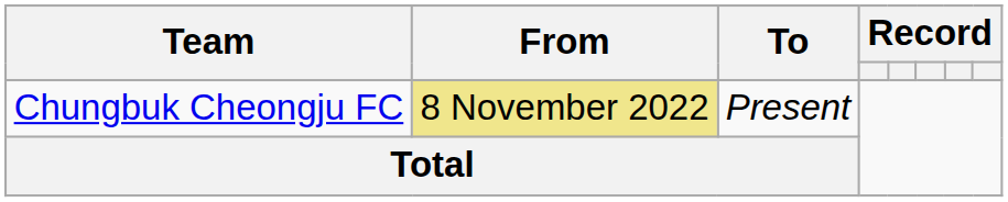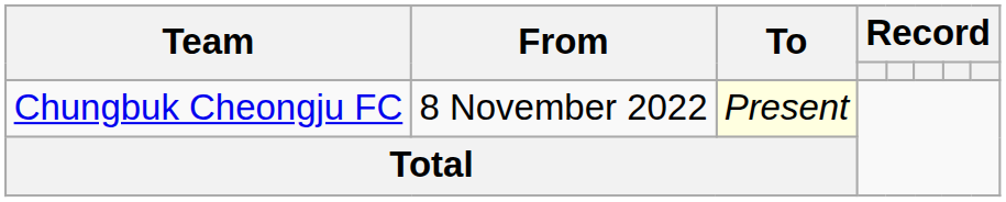 <table class="wikitable" style="text-align:centre">
 <tr>
 <th rowspan=2>Team</th>
 <th rowspan=2>From</th>
 <th rowspan=2>To</th>
 <th colspan=7>Record</th>
 </tr>
 <tr>
 <th></th>
 <th></th>
 <th></th>
 <th></th>
 <th></th>
 </tr>
 <tr>
 <td align=left><a href='#'>Chungbuk Cheongju FC</a></td>
-<td align=left style="background: khaki;">8 November 2022</td>
-<td align=left><em>Present</em><br></td>
+<td align=left>8 November 2022</td>
+<td align=left style="background: lightyellow;"><em>Present</em><br></td>
 </tr>
 <tr>
 <th colspan=3>Total<br></th>
 </tr>
 </table>
